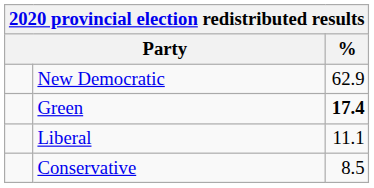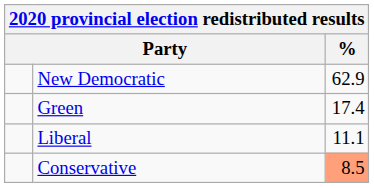 <table class="wikitable">
 <tr>
 <th colspan="4"><a href='#'>2020 provincial election</a> redistributed results</th>
 </tr>
 <tr>
 <th bgcolor="#DDDDFF" width="130px" colspan="2">Party</th>
 <th bgcolor="#DDDDFF" width="30px">%</th>
 </tr>
 <tr>
 <td> </td>
 <td><a href='#'>New Democratic</a></td>
 <td align=right>62.9</td>
 </tr>
 <tr>
 <td> </td>
 <td><a href='#'>Green</a></td>
-<td align=right><strong>17.4</strong></td>
+<td align=right>17.4</td>
 </tr>
 <tr>
 <td> </td>
 <td><a href='#'>Liberal</a></td>
 <td align=right>11.1</td>
 </tr>
 <tr>
 <td> </td>
 <td><a href='#'>Conservative</a></td>
-<td align=right>8.5</td>
+<td align=right style="background: lightsalmon;">8.5</td>
 </tr>
 </table>
